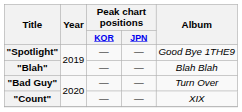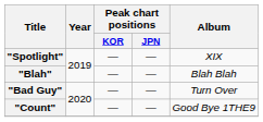 <table class="wikitable plainrowheaders" style="text-align:center;" border="1">
 <tr>
 <th scope="col" rowspan="2">Title</th>
 <th scope="col" rowspan="2">Year</th>
 <th scope="col" colspan="2">Peak chart <br> positions</th>
 <th scope="col" rowspan="2">Album</th>
 </tr>
 <tr>
 <th scope="col" style="width:3.5em;font-size:90%;"><a href='#'>KOR</a><br></th>
 <th scope="col" style="width:3.5em;font-size:90%;"><a href='#'>JPN</a><br></th>
 </tr>
 <tr>
 <th scope="row">"Spotlight"</th>
 <td rowspan="2">2019</td>
 <td>—</td>
 <td>—</td>
-<td><em>Good Bye 1THE9</em></td>
+<td><em>XIX</em></td>
 </tr>
 <tr>
 <th scope="row">"Blah"</th>
 <td>—</td>
 <td>—</td>
 <td><em>Blah Blah</em></td>
 </tr>
 <tr>
 <th scope="row">"Bad Guy"</th>
 <td rowspan="2">2020</td>
 <td>—</td>
 <td>—</td>
 <td><em>Turn Over</em></td>
 </tr>
 <tr>
 <th scope="row">"Count"</th>
 <td>—</td>
 <td>—</td>
-<td><em>XIX</em></td>
+<td><em>Good Bye 1THE9</em></td>
 </tr>
 <tr>
 </tr>
 </table>
